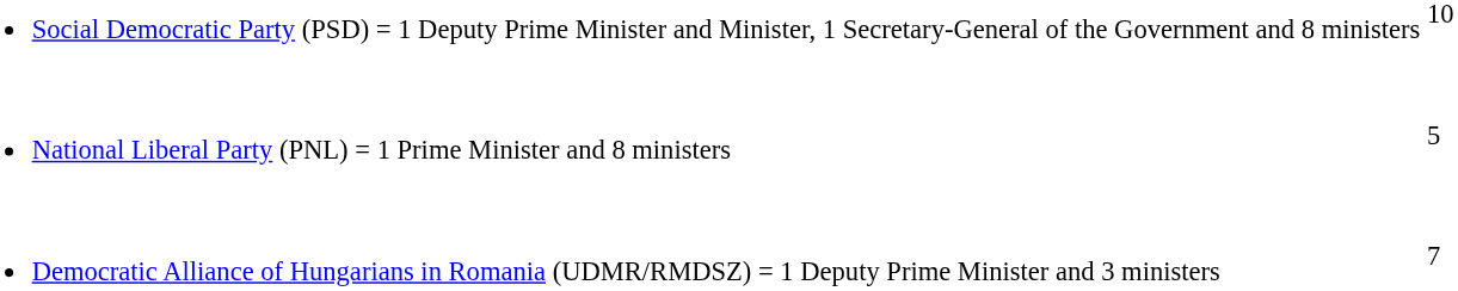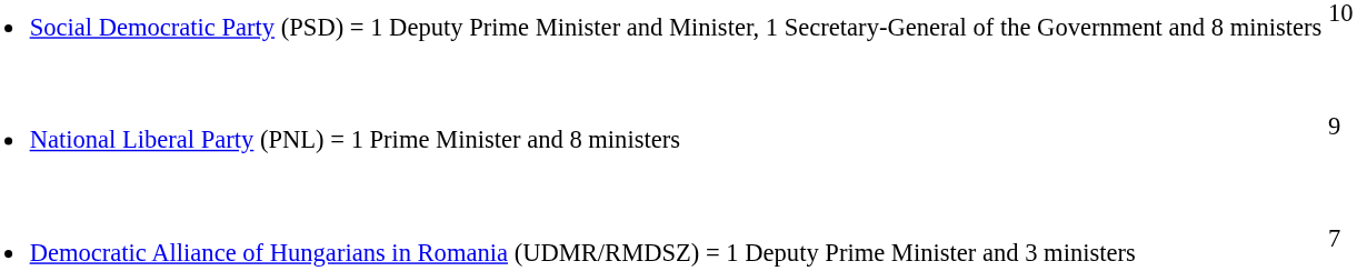 <table>
 <tr>
 <td><br><ul><li><a href='#'>Social Democratic Party</a> (PSD) = 1 Deputy Prime Minister and Minister, 1 Secretary-General of the Government and 8 ministers</li></ul></td>
 <td><div>10</div></td>
 </tr>
 <tr>
 <td><br><ul><li><a href='#'>National Liberal Party</a> (PNL) = 1 Prime Minister and 8 ministers</li></ul></td>
-<td><div>5</div></td>
+<td><div>9</div></td>
 </tr>
 <tr>
 <td><br><ul><li><a href='#'>Democratic Alliance of Hungarians in Romania</a> (UDMR/RMDSZ) = 1 Deputy Prime Minister and 3 ministers</li></ul></td>
 <td><div>7</div></td>
 </tr>
 <tr>
 </tr>
 </table>
